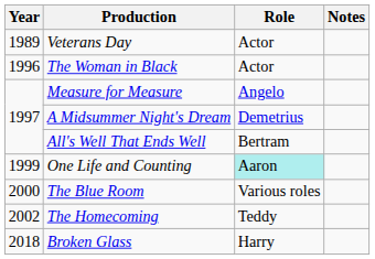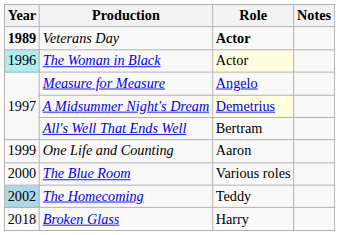 <table class="wikitable">
 <tr>
 <th>Year</th>
 <th>Production</th>
 <th>Role</th>
 <th>Notes</th>
 </tr>
 <tr>
-<td>1989</td>
+<td><strong>1989</strong></td>
 <td><em>Veterans Day</em></td>
-<td>Actor</td>
+<td><strong>Actor</strong></td>
 <td></td>
 </tr>
 <tr>
-<td>1996</td>
+<td style="background: paleturquoise;">1996</td>
 <td><em><a href='#'>The Woman in Black</a></em></td>
-<td>Actor</td>
+<td style="background: lightyellow;">Actor</td>
 <td></td>
 </tr>
 <tr>
 <td rowspan="3">1997</td>
 <td><em><a href='#'>Measure for Measure</a></em></td>
 <td><a href='#'>Angelo</a></td>
 <td></td>
 </tr>
 <tr>
 <td><em><a href='#'>A Midsummer Night's Dream</a></em></td>
-<td><a href='#'>Demetrius</a></td>
+<td style="background: lightyellow;"><a href='#'>Demetrius</a></td>
 <td></td>
 </tr>
 <tr>
 <td><em><a href='#'>All's Well That Ends Well</a></em></td>
 <td>Bertram</td>
 <td></td>
 </tr>
 <tr>
 <td>1999</td>
 <td><em>One Life and Counting</em></td>
-<td style="background: paleturquoise;">Aaron</td>
+<td>Aaron</td>
 <td></td>
 </tr>
 <tr>
 <td rowspan="1">2000</td>
 <td><a href='#'><em>The Blue Room</em></a></td>
 <td>Various roles</td>
 <td></td>
 </tr>
 <tr>
-<td>2002</td>
+<td style="background: lightblue;">2002</td>
 <td><em><a href='#'>The Homecoming</a></em></td>
 <td>Teddy</td>
 <td></td>
 </tr>
 <tr>
 <td>2018</td>
 <td><a href='#'><em>Broken Glass</em></a></td>
 <td>Harry</td>
 <td></td>
 </tr>
 </table>
